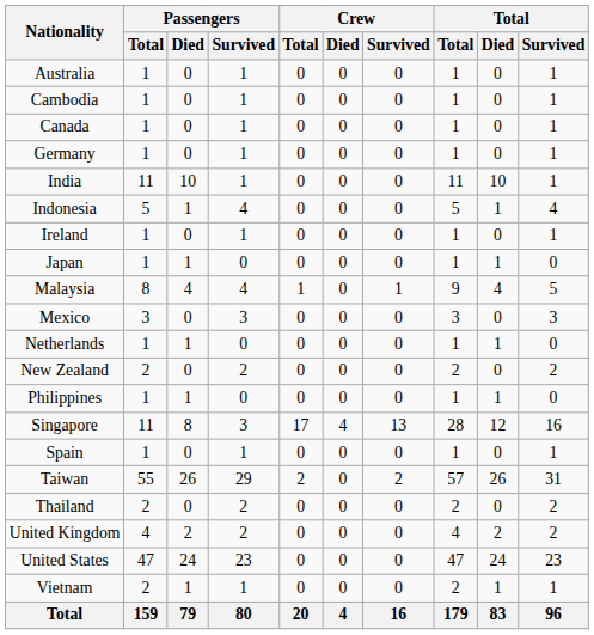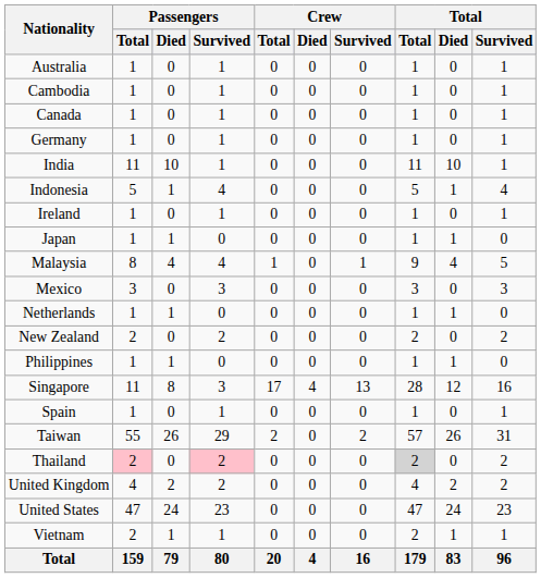 <table class="wikitable sortable" style="text-align:center;font-size:85%">
 <tr>
 <th rowspan=2>Nationality</th>
 <th colspan="3">Passengers</th>
 <th colspan=3>Crew</th>
 <th colspan=3>Total</th>
 </tr>
 <tr bgcolor=ccccff>
 <th>Total</th>
 <th>Died</th>
 <th>Survived</th>
 <th>Total</th>
 <th>Died</th>
 <th>Survived</th>
 <th>Total</th>
 <th>Died</th>
 <th>Survived</th>
 </tr>
 <tr>
 <td>Australia</td>
 <td>1</td>
 <td>0</td>
 <td>1</td>
 <td>0</td>
 <td>0</td>
 <td>0</td>
 <td>1</td>
 <td>0</td>
 <td>1</td>
 </tr>
 <tr>
 <td>Cambodia</td>
 <td>1</td>
 <td>0</td>
 <td>1</td>
 <td>0</td>
 <td>0</td>
 <td>0</td>
 <td>1</td>
 <td>0</td>
 <td>1</td>
 </tr>
 <tr>
 <td>Canada</td>
 <td>1</td>
 <td>0</td>
 <td>1</td>
 <td>0</td>
 <td>0</td>
 <td>0</td>
 <td>1</td>
 <td>0</td>
 <td>1</td>
 </tr>
 <tr>
 <td>Germany</td>
 <td>1</td>
 <td>0</td>
 <td>1</td>
 <td>0</td>
 <td>0</td>
 <td>0</td>
 <td>1</td>
 <td>0</td>
 <td>1</td>
 </tr>
 <tr>
 <td>India</td>
 <td>11</td>
 <td>10</td>
 <td>1</td>
 <td>0</td>
 <td>0</td>
 <td>0</td>
 <td>11</td>
 <td>10</td>
 <td>1</td>
 </tr>
 <tr>
 <td>Indonesia</td>
 <td>5</td>
 <td>1</td>
 <td>4</td>
 <td>0</td>
 <td>0</td>
 <td>0</td>
 <td>5</td>
 <td>1</td>
 <td>4</td>
 </tr>
 <tr>
 <td>Ireland</td>
 <td>1</td>
 <td>0</td>
 <td>1</td>
 <td>0</td>
 <td>0</td>
 <td>0</td>
 <td>1</td>
 <td>0</td>
 <td>1</td>
 </tr>
 <tr>
 <td>Japan</td>
 <td>1</td>
 <td>1</td>
 <td>0</td>
 <td>0</td>
 <td>0</td>
 <td>0</td>
 <td>1</td>
 <td>1</td>
 <td>0</td>
 </tr>
 <tr>
 <td>Malaysia</td>
 <td>8</td>
 <td>4</td>
 <td>4</td>
 <td>1</td>
 <td>0</td>
 <td>1</td>
 <td>9</td>
 <td>4</td>
 <td>5</td>
 </tr>
 <tr>
 <td>Mexico</td>
 <td>3</td>
 <td>0</td>
 <td>3</td>
 <td>0</td>
 <td>0</td>
 <td>0</td>
 <td>3</td>
 <td>0</td>
 <td>3</td>
 </tr>
 <tr>
 <td>Netherlands</td>
 <td>1</td>
 <td>1</td>
 <td>0</td>
 <td>0</td>
 <td>0</td>
 <td>0</td>
 <td>1</td>
 <td>1</td>
 <td>0</td>
 </tr>
 <tr>
 <td>New Zealand</td>
 <td>2</td>
 <td>0</td>
 <td>2</td>
 <td>0</td>
 <td>0</td>
 <td>0</td>
 <td>2</td>
 <td>0</td>
 <td>2</td>
 </tr>
 <tr>
 <td>Philippines</td>
 <td>1</td>
 <td>1</td>
 <td>0</td>
 <td>0</td>
 <td>0</td>
 <td>0</td>
 <td>1</td>
 <td>1</td>
 <td>0</td>
 </tr>
 <tr>
 <td>Singapore</td>
 <td>11</td>
 <td>8</td>
 <td>3</td>
 <td>17</td>
 <td>4</td>
 <td>13</td>
 <td>28</td>
 <td>12</td>
 <td>16</td>
 </tr>
 <tr>
 <td>Spain</td>
 <td>1</td>
 <td>0</td>
 <td>1</td>
 <td>0</td>
 <td>0</td>
 <td>0</td>
 <td>1</td>
 <td>0</td>
 <td>1</td>
 </tr>
 <tr>
 <td>Taiwan</td>
 <td>55</td>
 <td>26</td>
 <td>29</td>
 <td>2</td>
 <td>0</td>
 <td>2</td>
 <td>57</td>
 <td>26</td>
 <td>31</td>
 </tr>
 <tr>
 <td>Thailand</td>
-<td>2</td>
+<td style="background: pink;">2</td>
 <td>0</td>
-<td>2</td>
+<td style="background: pink;">2</td>
 <td>0</td>
 <td>0</td>
 <td>0</td>
-<td>2</td>
+<td style="background: lightgrey;">2</td>
 <td>0</td>
 <td>2</td>
 </tr>
 <tr>
 <td>United Kingdom</td>
 <td>4</td>
 <td>2</td>
 <td>2</td>
 <td>0</td>
 <td>0</td>
 <td>0</td>
 <td>4</td>
 <td>2</td>
 <td>2</td>
 </tr>
 <tr>
 <td>United States</td>
 <td>47</td>
 <td>24</td>
 <td>23</td>
 <td>0</td>
 <td>0</td>
 <td>0</td>
 <td>47</td>
 <td>24</td>
 <td>23</td>
 </tr>
 <tr>
 <td>Vietnam</td>
 <td>2</td>
 <td>1</td>
 <td>1</td>
 <td>0</td>
 <td>0</td>
 <td>0</td>
 <td>2</td>
 <td>1</td>
 <td>1</td>
 </tr>
 <tr class="unsortable">
 <th>Total</th>
 <th>159</th>
 <th>79</th>
 <th>80</th>
 <th>20</th>
 <th>4</th>
 <th>16</th>
 <th>179</th>
 <th>83</th>
 <th>96</th>
 </tr>
 </table>
